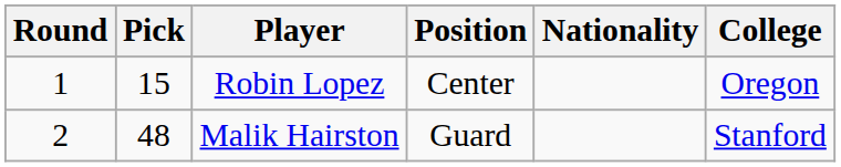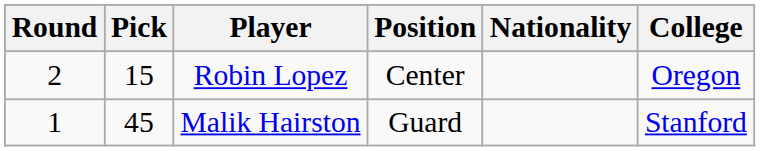 <table class="wikitable sortable sortable">
 <tr>
 <th>Round</th>
 <th>Pick</th>
 <th>Player</th>
 <th>Position</th>
 <th>Nationality</th>
 <th>College</th>
 </tr>
 <tr style="text-align: center">
-<td>1</td>
+<td>2</td>
 <td>15</td>
 <td><a href='#'>Robin Lopez</a></td>
 <td>Center</td>
 <td></td>
 <td><a href='#'>Oregon</a></td>
 </tr>
 <tr style="text-align: center">
-<td>2</td>
-<td>48</td>
+<td>1</td>
+<td>45</td>
 <td><a href='#'>Malik Hairston</a></td>
 <td>Guard</td>
 <td></td>
 <td><a href='#'>Stanford</a></td>
 </tr>
 </table>
